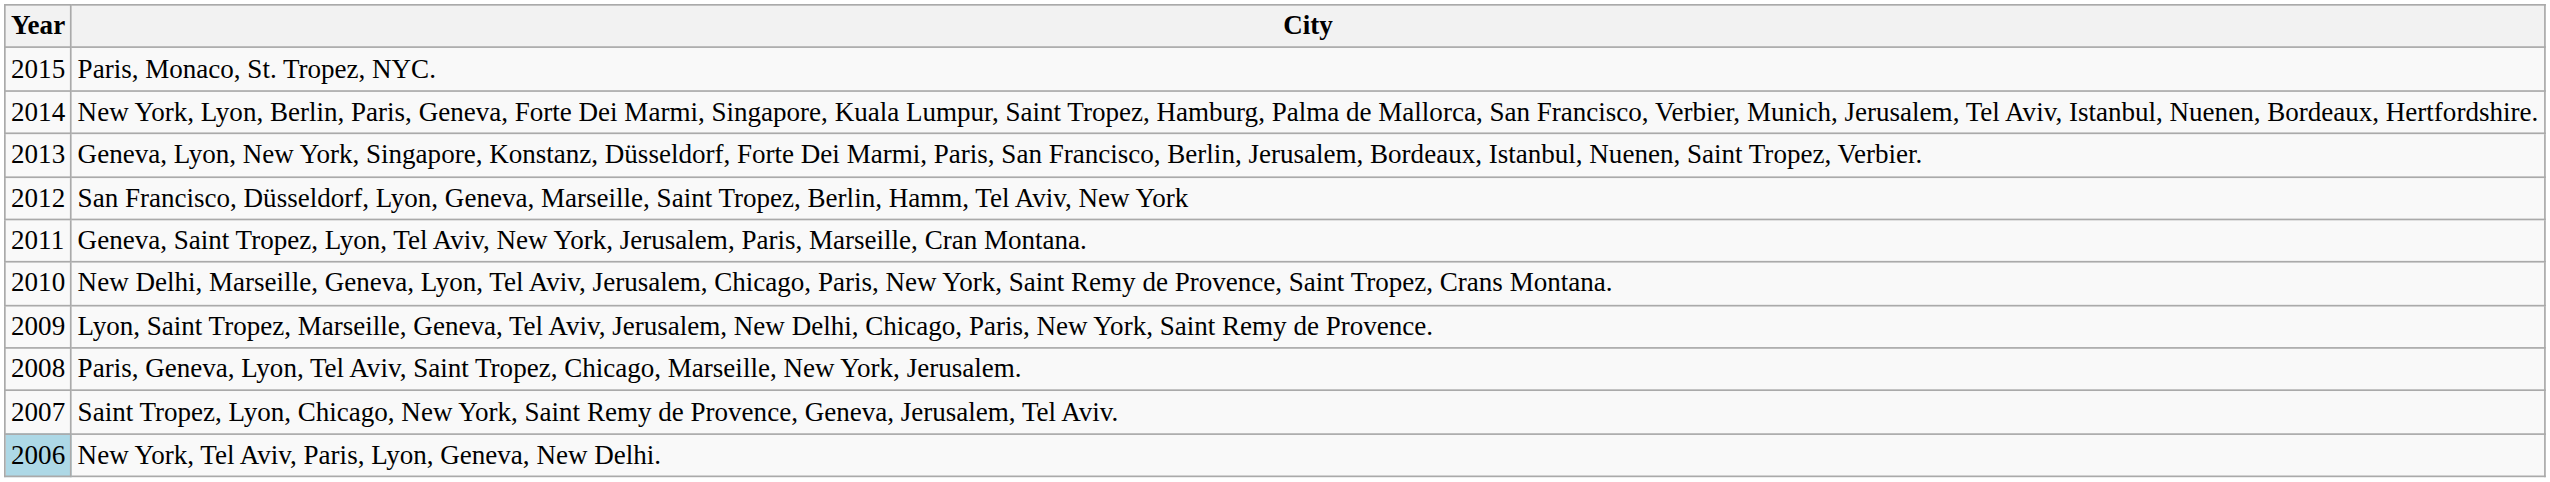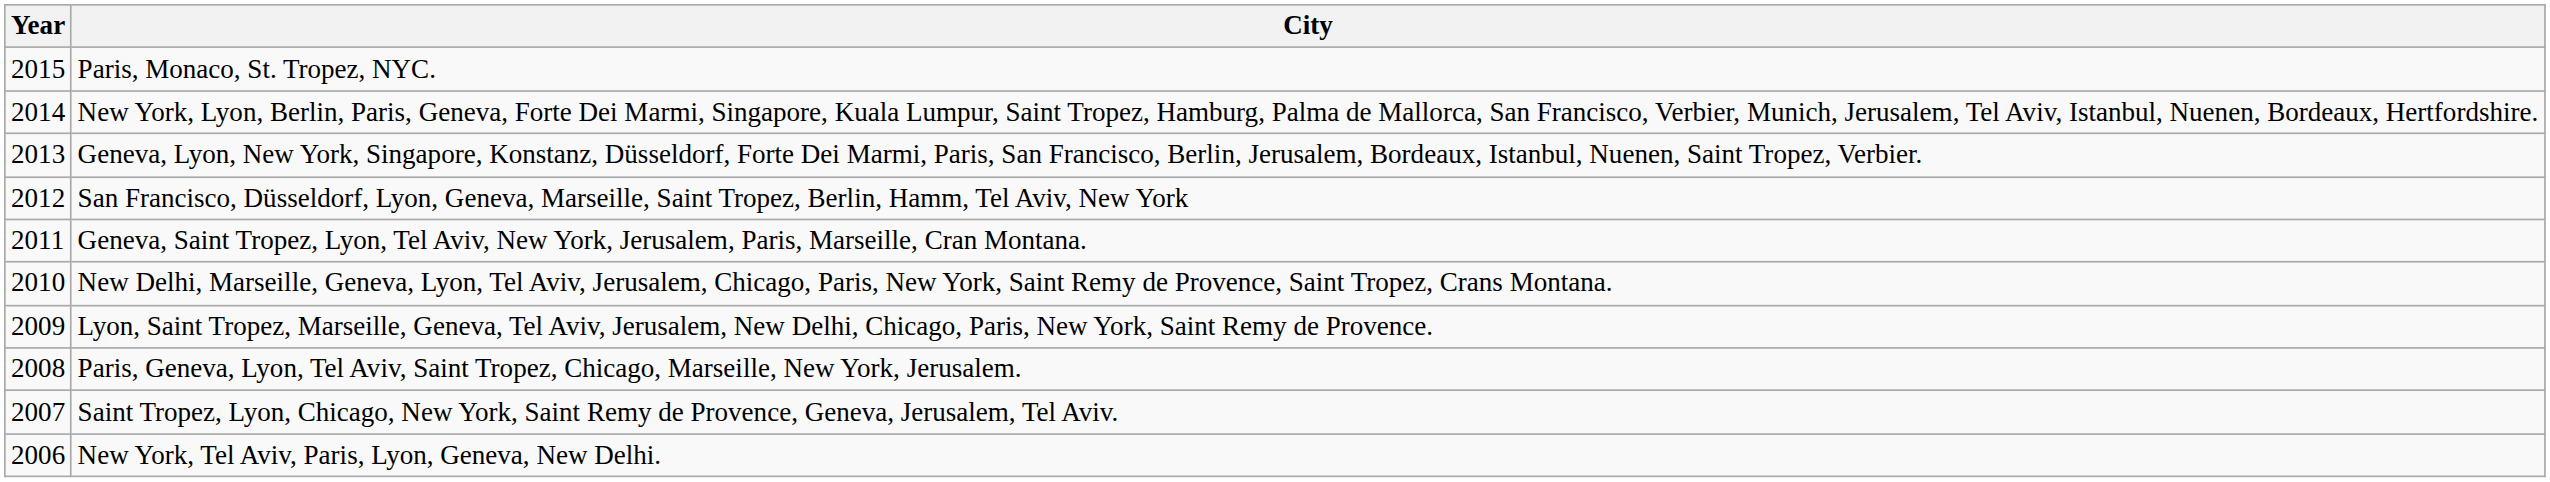 <table class="wikitable sortable">
 <tr>
 <th>Year</th>
 <th>City</th>
 </tr>
 <tr>
 <td>2015</td>
 <td>Paris, Monaco, St. Tropez, NYC.</td>
 </tr>
 <tr>
 <td>2014</td>
 <td>New York, Lyon, Berlin, Paris, Geneva, Forte Dei Marmi, Singapore, Kuala Lumpur, Saint Tropez, Hamburg, Palma de Mallorca, San Francisco, Verbier, Munich, Jerusalem, Tel Aviv, Istanbul, Nuenen, Bordeaux, Hertfordshire.</td>
 </tr>
 <tr>
 <td>2013</td>
 <td>Geneva, Lyon, New York, Singapore, Konstanz, Düsseldorf, Forte Dei Marmi, Paris, San Francisco, Berlin, Jerusalem, Bordeaux, Istanbul, Nuenen, Saint Tropez, Verbier.</td>
 </tr>
 <tr>
 <td>2012</td>
 <td>San Francisco, Düsseldorf, Lyon, Geneva, Marseille, Saint Tropez, Berlin, Hamm, Tel Aviv, New York</td>
 </tr>
 <tr>
 <td>2011</td>
 <td>Geneva, Saint Tropez, Lyon, Tel Aviv, New York, Jerusalem, Paris, Marseille, Cran Montana.</td>
 </tr>
 <tr>
 <td>2010</td>
 <td>New Delhi, Marseille, Geneva, Lyon, Tel Aviv, Jerusalem, Chicago, Paris, New York, Saint Remy de Provence, Saint Tropez, Crans Montana.</td>
 </tr>
 <tr>
 <td>2009</td>
 <td>Lyon, Saint Tropez, Marseille, Geneva, Tel Aviv, Jerusalem, New Delhi, Chicago, Paris, New York, Saint Remy de Provence.</td>
 </tr>
 <tr>
 <td>2008</td>
 <td>Paris, Geneva, Lyon, Tel Aviv, Saint Tropez, Chicago, Marseille, New York, Jerusalem.</td>
 </tr>
 <tr>
 <td>2007</td>
 <td>Saint Tropez, Lyon, Chicago, New York, Saint Remy de Provence, Geneva, Jerusalem, Tel Aviv.</td>
 </tr>
 <tr>
-<td style="background: lightblue;">2006</td>
+<td>2006</td>
 <td>New York, Tel Aviv, Paris, Lyon, Geneva, New Delhi.</td>
 </tr>
 </table>
